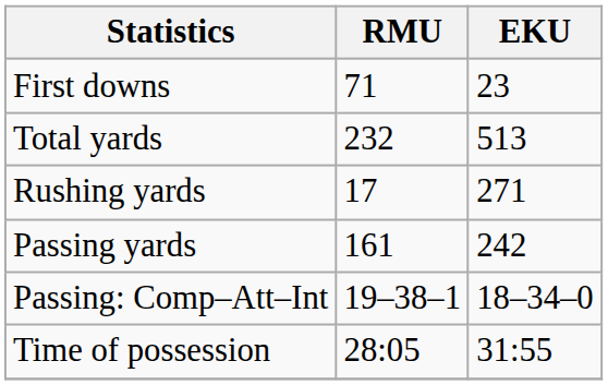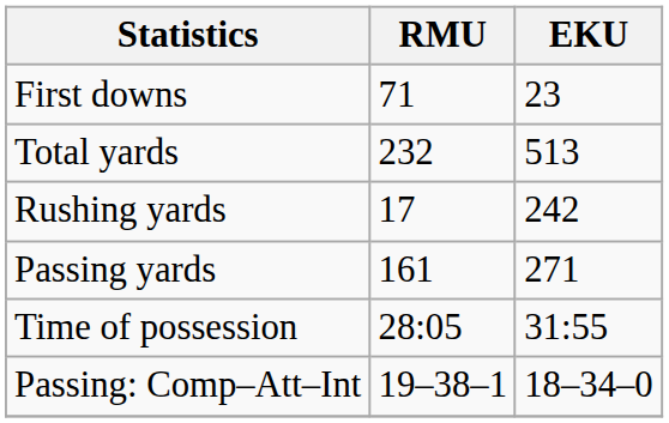 <table class="wikitable" style="float: left;">
 <tr>
 <th>Statistics</th>
 <th>RMU</th>
 <th>EKU</th>
 </tr>
 <tr>
 <td>First downs</td>
 <td>71</td>
 <td>23</td>
 </tr>
 <tr>
 <td>Total yards</td>
 <td>232</td>
 <td>513</td>
 </tr>
 <tr>
 <td>Rushing yards</td>
 <td>17</td>
-<td>271</td>
+<td>242</td>
 </tr>
 <tr>
 <td>Passing yards</td>
 <td>161</td>
-<td>242</td>
+<td>271</td>
+</tr>
+<tr>
+<td>Time of possession</td>
+<td>28:05</td>
+<td>31:55</td>
 </tr>
 <tr>
 <td>Passing: Comp–Att–Int</td>
 <td>19–38–1</td>
 <td>18–34–0</td>
 </tr>
 <tr>
-<td>Time of possession</td>
-<td>28:05</td>
-<td>31:55</td>
-</tr>
-<tr>
 </tr>
 </table>
